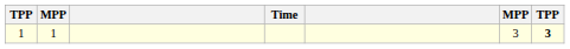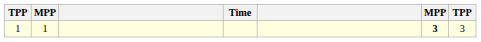 <table class="wikitable" style="text-align: center;" |>
 <tr>
 <th width="35">TPP</th>
 <th width="35">MPP</th>
 <th width="250"></th>
 <th width="45">Time</th>
 <th width="250"></th>
 <th width="35">MPP</th>
 <th width="35">TPP</th>
 </tr>
 <tr bgcolor="lightyellow">
 <td>1</td>
 <td>1</td>
 <td style="text-align:left;"><strong></strong></td>
 <td></td>
 <td style="text-align:left;"></td>
+<td><strong>3</strong></td>
 <td>3</td>
-<td><strong>3</strong></td>
 </tr>
 </table>
